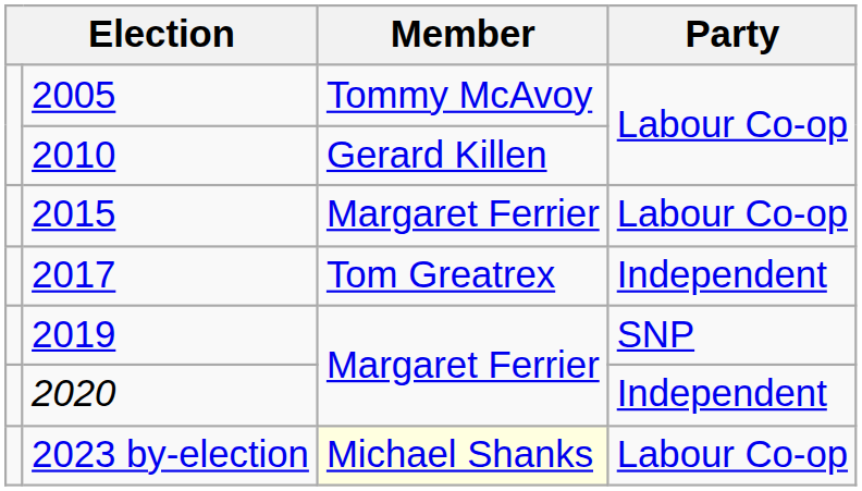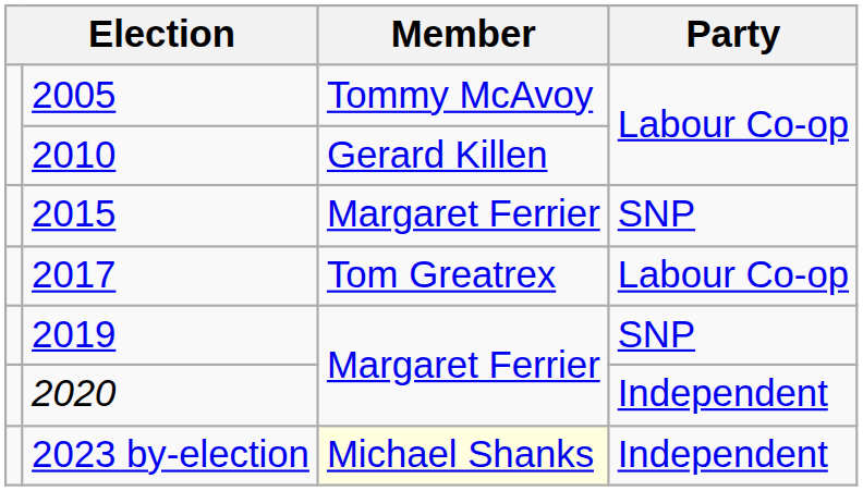 <table class="wikitable">
 <tr>
 <th colspan="2">Election</th>
 <th>Member</th>
 <th>Party</th>
 </tr>
 <tr>
 <td rowspan="2" style="color:inherit;background-color: "></td>
 <td><a href='#'>2005</a></td>
 <td><a href='#'>Tommy McAvoy</a></td>
 <td rowspan="2"><a href='#'>Labour Co-op</a></td>
 </tr>
 <tr>
 <td><a href='#'>2010</a></td>
 <td><a href='#'>Gerard Killen</a></td>
 </tr>
 <tr>
 <td style="color:inherit;background: "></td>
 <td><a href='#'>2015</a></td>
 <td><a href='#'>Margaret Ferrier</a></td>
-<td><a href='#'>Labour Co-op</a></td>
+<td><a href='#'>SNP</a></td>
 </tr>
 <tr>
 <td style="color:inherit;background: "></td>
 <td><a href='#'>2017</a></td>
 <td><a href='#'>Tom Greatrex</a></td>
-<td><a href='#'>Independent</a></td>
+<td><a href='#'>Labour Co-op</a></td>
 </tr>
 <tr>
 <td style="color:inherit;background: "></td>
 <td><a href='#'>2019</a></td>
 <td rowspan="2"><a href='#'>Margaret Ferrier</a></td>
 <td><a href='#'>SNP</a></td>
 </tr>
 <tr>
 <td style="color:inherit;background: "></td>
 <td><em>2020</em></td>
 <td><a href='#'>Independent</a></td>
 </tr>
 <tr>
 <td style="color:inherit;background: "></td>
 <td><a href='#'>2023 by-election</a></td>
 <td style="background: lightyellow;"><a href='#'>Michael Shanks</a></td>
-<td><a href='#'>Labour Co-op</a></td>
+<td><a href='#'>Independent</a></td>
 </tr>
 </table>
